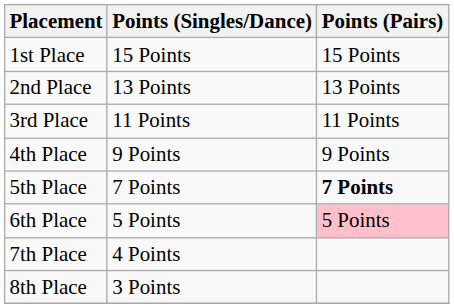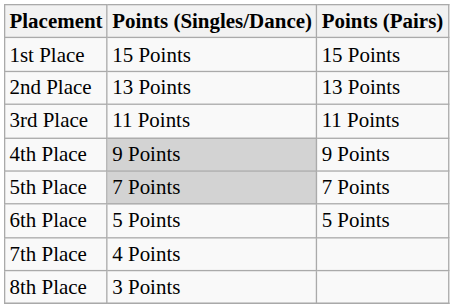 <table class="wikitable">
 <tr>
 <th>Placement</th>
 <th>Points (Singles/Dance)</th>
 <th>Points (Pairs)</th>
 </tr>
 <tr>
 <td>1st Place</td>
 <td>15 Points</td>
 <td>15 Points</td>
 </tr>
 <tr>
 <td>2nd Place</td>
 <td>13 Points</td>
 <td>13 Points</td>
 </tr>
 <tr>
 <td>3rd Place</td>
 <td>11 Points</td>
 <td>11 Points</td>
 </tr>
 <tr>
 <td>4th Place</td>
-<td>9 Points</td>
+<td style="background: lightgrey;">9 Points</td>
 <td>9 Points</td>
 </tr>
 <tr>
 <td>5th Place</td>
+<td style="background: lightgrey;">7 Points</td>
 <td>7 Points</td>
-<td><strong>7 Points</strong></td>
 </tr>
 <tr>
 <td>6th Place</td>
 <td>5 Points</td>
-<td style="background: pink;">5 Points</td>
+<td>5 Points</td>
 </tr>
 <tr>
 <td>7th Place</td>
 <td>4 Points</td>
 <td></td>
 </tr>
 <tr>
 <td>8th Place</td>
 <td>3 Points</td>
 <td></td>
 </tr>
 <tr>
 </tr>
 </table>
